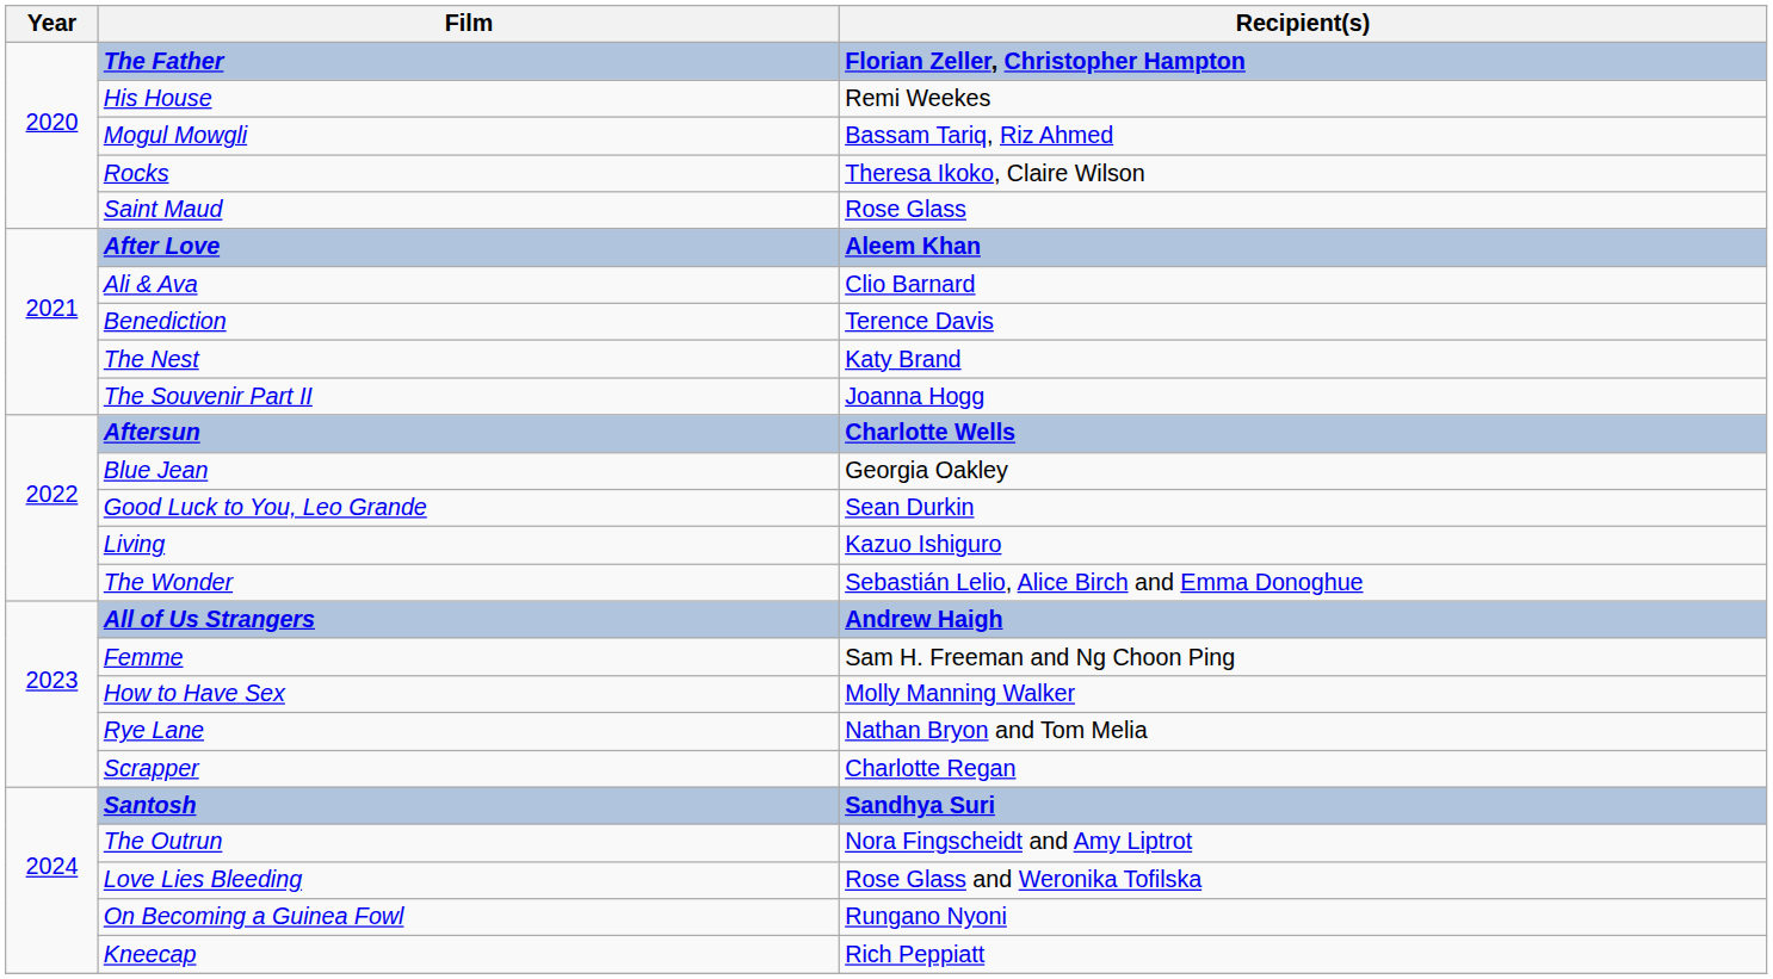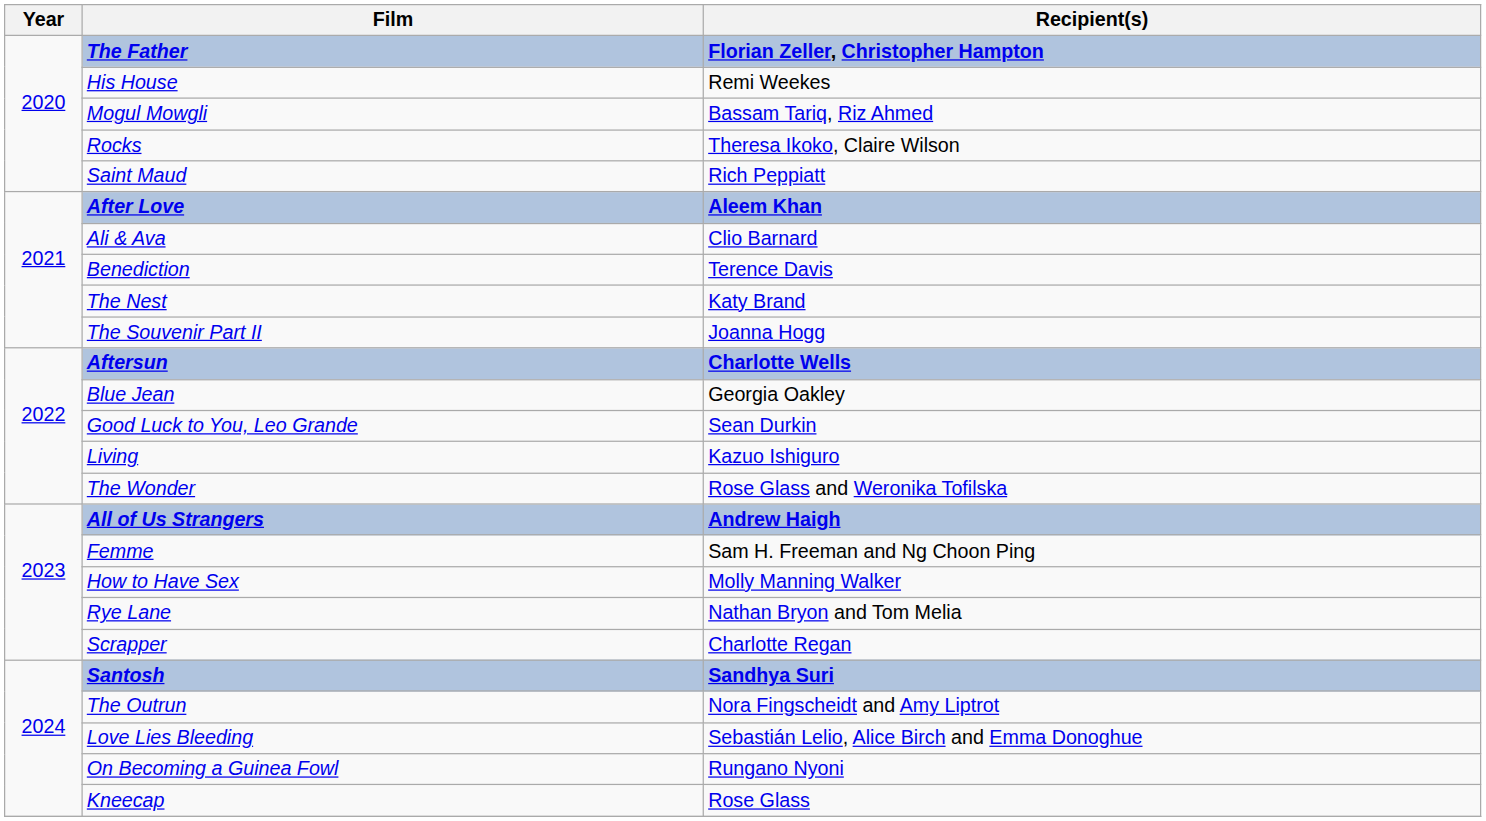 <table class="wikitable" width="95%" cellpadding="5">
 <tr>
 <th width="5%">Year</th>
 <th width="40%">Film</th>
 <th width="50%">Recipient(s)</th>
 </tr>
 <tr>
 <td rowspan="5" style="text-align:center;"><a href='#'>2020</a><br><br></td>
 <td style="background:#B0C4DE"><strong><em><a href='#'>The Father</a></em></strong></td>
 <td style="background:#B0C4DE"><strong><a href='#'>Florian Zeller</a>, <a href='#'>Christopher Hampton</a></strong></td>
 </tr>
 <tr>
 <td><em><a href='#'>His House</a></em></td>
 <td>Remi Weekes</td>
 </tr>
 <tr>
 <td><em><a href='#'>Mogul Mowgli</a></em></td>
 <td><a href='#'>Bassam Tariq</a>, <a href='#'>Riz Ahmed</a></td>
 </tr>
 <tr>
 <td><em><a href='#'>Rocks</a></em></td>
 <td><a href='#'>Theresa Ikoko</a>, Claire Wilson</td>
 </tr>
 <tr>
 <td><em><a href='#'>Saint Maud</a></em></td>
-<td><a href='#'>Rose Glass</a></td>
+<td><a href='#'>Rich Peppiatt</a></td>
 </tr>
 <tr>
 <td rowspan="5" style="text-align:center;"><a href='#'>2021</a><br><br></td>
 <td style="background:#B0C4DE"><strong><em><a href='#'>After Love</a></em></strong></td>
 <td style="background:#B0C4DE"><strong><a href='#'>Aleem Khan</a></strong></td>
 </tr>
 <tr>
 <td><em><a href='#'>Ali & Ava</a></em></td>
 <td><a href='#'>Clio Barnard</a></td>
 </tr>
 <tr>
 <td><em><a href='#'>Benediction</a></em></td>
 <td><a href='#'>Terence Davis</a></td>
 </tr>
 <tr>
 <td><em><a href='#'>The Nest</a></em></td>
 <td><a href='#'>Katy Brand</a></td>
 </tr>
 <tr>
 <td><em><a href='#'>The Souvenir Part II</a></em></td>
 <td><a href='#'>Joanna Hogg</a></td>
 </tr>
 <tr>
 <td rowspan="5" style="text-align:center;"><a href='#'>2022</a><br><br></td>
 <td style="background:#B0C4DE"><strong><em><a href='#'>Aftersun</a></em></strong></td>
 <td style="background:#B0C4DE"><strong><a href='#'>Charlotte Wells</a></strong></td>
 </tr>
 <tr>
 <td><em><a href='#'>Blue Jean</a></em></td>
 <td>Georgia Oakley</td>
 </tr>
 <tr>
 <td><em><a href='#'>Good Luck to You, Leo Grande</a></em></td>
 <td><a href='#'>Sean Durkin</a></td>
 </tr>
 <tr>
 <td><em><a href='#'>Living</a></em></td>
 <td><a href='#'>Kazuo Ishiguro</a></td>
 </tr>
 <tr>
 <td><em><a href='#'>The Wonder</a></em></td>
-<td><a href='#'>Sebastián Lelio</a>, <a href='#'>Alice Birch</a> and <a href='#'>Emma Donoghue</a></td>
+<td><a href='#'>Rose Glass</a> and <a href='#'>Weronika Tofilska</a></td>
 </tr>
 <tr>
 <td rowspan="5" style="text-align:center;"><a href='#'>2023</a><br><br></td>
 <td style="background:#B0C4DE"><strong><em><a href='#'>All of Us Strangers</a></em></strong></td>
 <td style="background:#B0C4DE"><strong><a href='#'>Andrew Haigh</a></strong></td>
 </tr>
 <tr>
 <td><em><a href='#'>Femme</a></em></td>
 <td>Sam H. Freeman and Ng Choon Ping</td>
 </tr>
 <tr>
 <td><em><a href='#'>How to Have Sex</a></em></td>
 <td><a href='#'>Molly Manning Walker</a></td>
 </tr>
 <tr>
 <td><em><a href='#'>Rye Lane</a></em></td>
 <td><a href='#'>Nathan Bryon</a> and Tom Melia</td>
 </tr>
 <tr>
 <td><em><a href='#'>Scrapper</a></em></td>
 <td><a href='#'>Charlotte Regan</a></td>
 </tr>
 <tr>
 <td rowspan="5" style="text-align:center;"><a href='#'>2024</a><br><br></td>
 <td style="background:#B0C4DE"><strong><em><a href='#'>Santosh</a></em></strong></td>
 <td style="background:#B0C4DE"><strong><a href='#'>Sandhya Suri</a></strong></td>
 </tr>
 <tr>
 <td><em><a href='#'>The Outrun</a></em></td>
 <td><a href='#'>Nora Fingscheidt</a> and <a href='#'>Amy Liptrot</a></td>
 </tr>
 <tr>
 <td><em><a href='#'>Love Lies Bleeding</a></em></td>
-<td><a href='#'>Rose Glass</a> and <a href='#'>Weronika Tofilska</a></td>
+<td><a href='#'>Sebastián Lelio</a>, <a href='#'>Alice Birch</a> and <a href='#'>Emma Donoghue</a></td>
 </tr>
 <tr>
 <td><em><a href='#'>On Becoming a Guinea Fowl</a></em></td>
 <td><a href='#'>Rungano Nyoni</a></td>
 </tr>
 <tr>
 <td><em><a href='#'>Kneecap</a></em></td>
-<td><a href='#'>Rich Peppiatt</a></td>
+<td><a href='#'>Rose Glass</a></td>
 </tr>
 <tr>
 </tr>
 </table>
